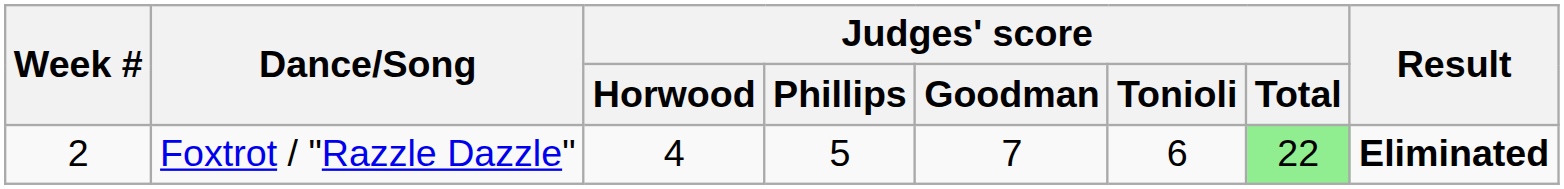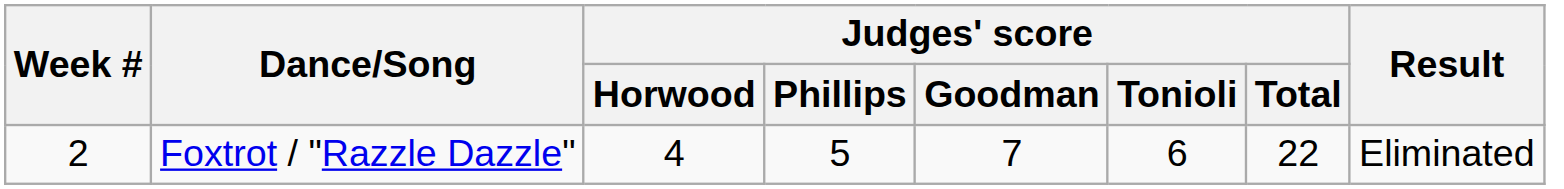 <table class="wikitable" style="text-align:center">
 <tr>
 <th rowspan="2">Week #</th>
 <th rowspan="2">Dance/Song</th>
 <th colspan="5">Judges' score</th>
 <th rowspan="2">Result</th>
 </tr>
 <tr>
 <th>Horwood</th>
 <th>Phillips</th>
 <th>Goodman</th>
 <th>Tonioli</th>
 <th>Total</th>
 </tr>
 <tr>
 <td>2</td>
 <td><a href='#'>Foxtrot</a> / "<a href='#'>Razzle Dazzle</a>"</td>
 <td>4</td>
 <td>5</td>
 <td>7</td>
 <td>6</td>
-<td style="background: lightgreen;">22</td>
-<td><strong>Eliminated</strong></td>
+<td>22</td>
+<td>Eliminated</td>
 </tr>
 </table>
